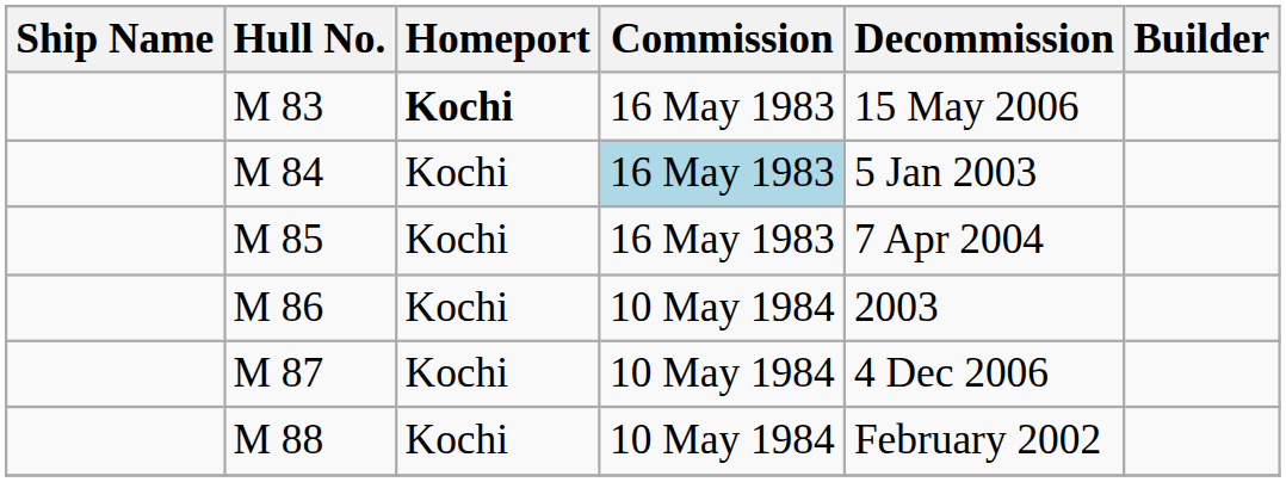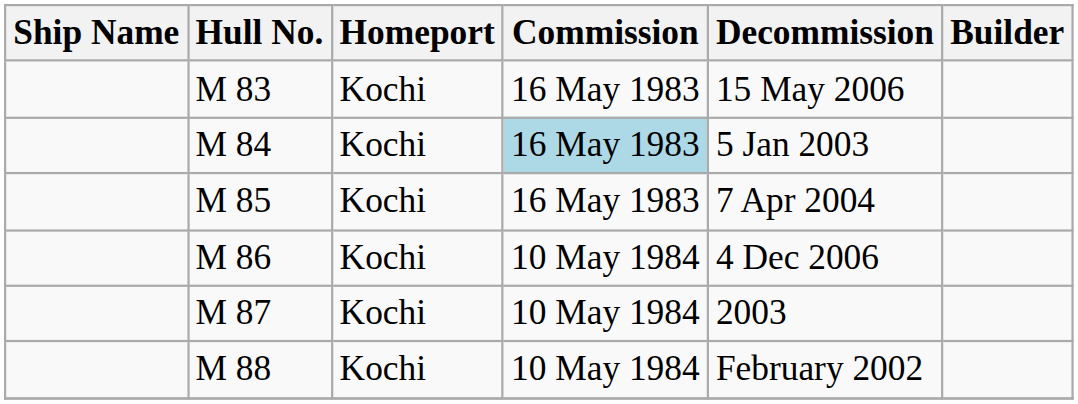 <table class="sortable wikitable">
 <tr>
 <th>Ship Name</th>
 <th>Hull No.</th>
 <th>Homeport</th>
 <th>Commission</th>
 <th>Decommission</th>
 <th>Builder</th>
 </tr>
 <tr>
 <td></td>
 <td>M 83</td>
-<td><strong>Kochi</strong></td>
+<td>Kochi</td>
 <td>16 May 1983</td>
 <td>15 May 2006</td>
 <td></td>
 </tr>
 <tr>
 <td></td>
 <td>M 84</td>
 <td>Kochi</td>
 <td style="background: lightblue;">16 May 1983</td>
 <td>5 Jan 2003</td>
 <td></td>
 </tr>
 <tr>
 <td></td>
 <td>M 85</td>
 <td>Kochi</td>
 <td>16 May 1983</td>
 <td>7 Apr 2004</td>
 <td></td>
 </tr>
 <tr>
 <td></td>
 <td>M 86</td>
 <td>Kochi</td>
 <td>10 May 1984</td>
-<td>2003</td>
+<td>4 Dec 2006</td>
 <td></td>
 </tr>
 <tr>
 <td></td>
 <td>M 87</td>
 <td>Kochi</td>
 <td>10 May 1984</td>
-<td>4 Dec 2006</td>
+<td>2003</td>
 <td></td>
 </tr>
 <tr>
 <td></td>
 <td>M 88</td>
 <td>Kochi</td>
 <td>10 May 1984</td>
 <td>February 2002</td>
 <td></td>
 </tr>
 <tr>
 </tr>
 </table>
